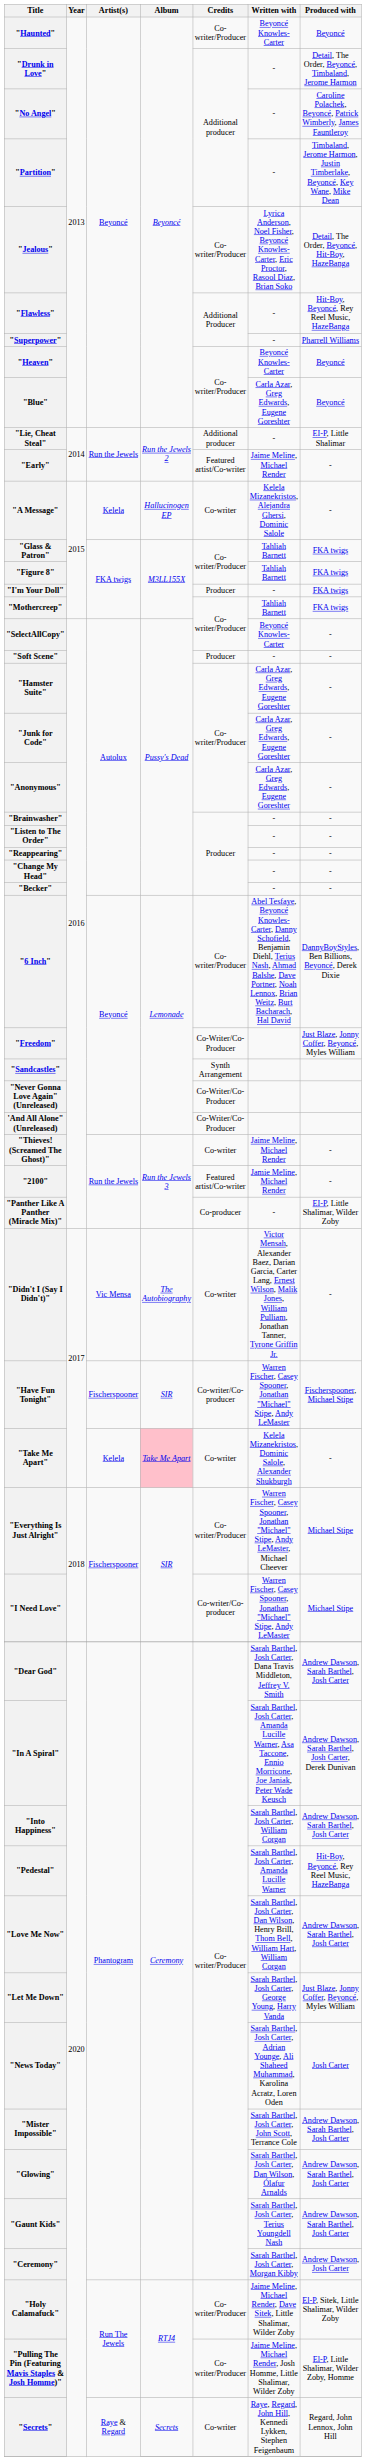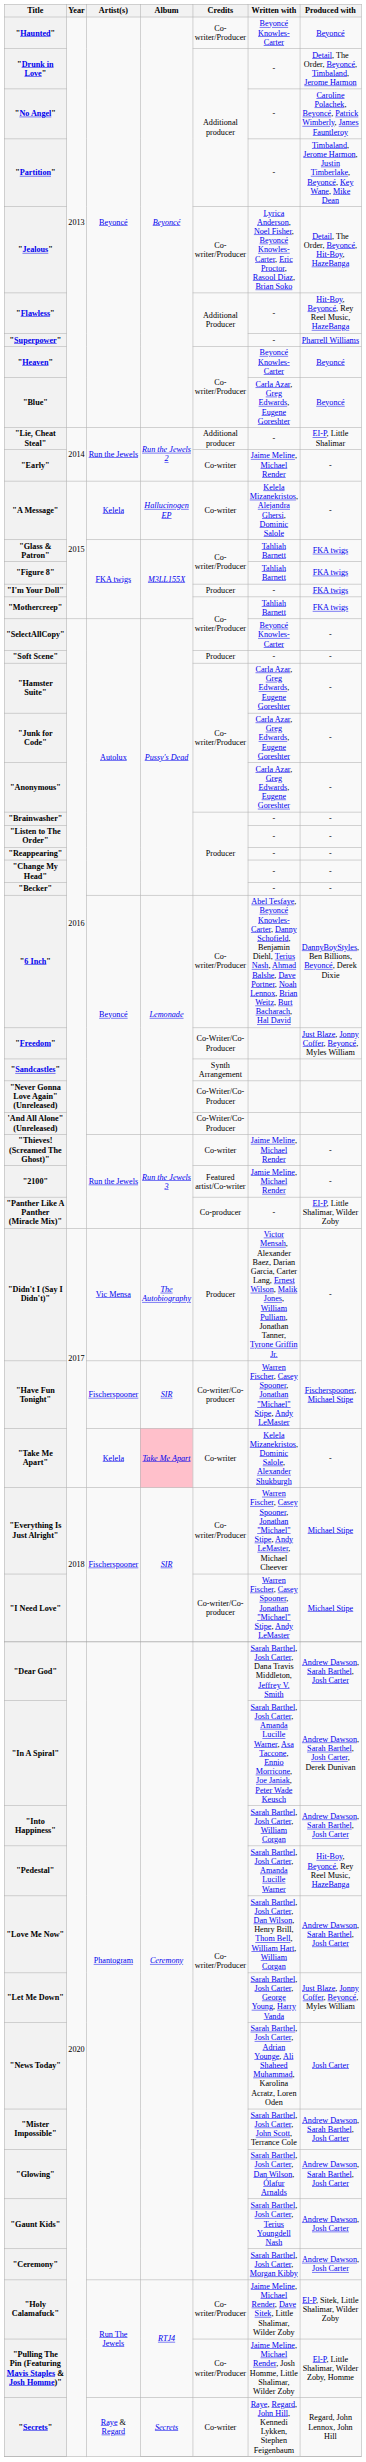 <table class="wikitable sortable plainrowheaders" style="text-align:center;">
 <tr>
 <th scope="col" style="width:160px;">Title</th>
 <th scope="col">Year</th>
 <th scope="col">Artist(s)</th>
 <th scope="col" style="width:180px;">Album</th>
 <th scope="col">Credits</th>
 <th scope="col">Written with</th>
 <th scope="col">Produced with</th>
 </tr>
 <tr>
 <th scope="row">"<a href='#'>Haunted</a>"</th>
 <td rowspan="9">2013</td>
 <td rowspan="9"><a href='#'>Beyoncé</a></td>
 <td rowspan="9"><em><a href='#'>Beyoncé</a></em></td>
 <td>Co-writer/Producer</td>
 <td><a href='#'>Beyoncé Knowles-Carter</a></td>
 <td><a href='#'>Beyoncé</a></td>
 </tr>
 <tr>
 <th scope="row">"<a href='#'>Drunk in Love</a>"<br></th>
 <td rowspan="3">Additional producer</td>
 <td>-</td>
 <td><a href='#'>Detail</a>, The Order, <a href='#'>Beyoncé</a>, <a href='#'>Timbaland</a>, <a href='#'>Jerome Harmon</a></td>
 </tr>
 <tr>
 <th scope="row">"<a href='#'>No Angel</a>"</th>
 <td>-</td>
 <td><a href='#'>Caroline Polachek</a>, <a href='#'>Beyoncé</a>, <a href='#'>Patrick Wimberly</a>, <a href='#'>James Fauntleroy</a></td>
 </tr>
 <tr>
 <th scope="row">"<a href='#'>Partition</a>"</th>
 <td>-</td>
 <td><a href='#'>Timbaland</a>, <a href='#'>Jerome Harmon</a>, <a href='#'>Justin Timberlake</a>, <a href='#'>Beyoncé</a>, <a href='#'>Key Wane</a>, <a href='#'>Mike Dean</a></td>
 </tr>
 <tr>
 <th scope="row">"<a href='#'>Jealous</a>"</th>
 <td>Co-writer/Producer</td>
 <td><a href='#'>Lyrica Anderson</a>, <a href='#'>Noel Fisher</a>, <a href='#'>Beyoncé Knowles-Carter</a>, <a href='#'>Eric Proctor</a>, <a href='#'>Rasool Diaz</a>, <a href='#'>Brian Soko</a></td>
 <td><a href='#'>Detail</a>, The Order, <a href='#'>Beyoncé</a>, <a href='#'>Hit-Boy</a>, <a href='#'>HazeBanga</a></td>
 </tr>
 <tr>
 <th scope="row">"<a href='#'>Flawless</a>"<br></th>
 <td rowspan="2">Additional Producer</td>
 <td>-</td>
 <td><a href='#'>Hit-Boy</a>, <a href='#'>Beyoncé</a>, Rey Reel Music, <a href='#'>HazeBanga</a></td>
 </tr>
 <tr>
 <th scope="row">"<a href='#'>Superpower</a>"<br></th>
 <td>-</td>
 <td><a href='#'>Pharrell Williams</a></td>
 </tr>
 <tr>
 <th scope="row">"<a href='#'>Heaven</a>"</th>
 <td rowspan="2">Co-writer/Producer</td>
 <td><a href='#'>Beyoncé Knowles-Carter</a></td>
 <td><a href='#'>Beyoncé</a></td>
 </tr>
 <tr>
 <th scope="row">"Blue"<br></th>
 <td><a href='#'>Carla Azar</a>, <a href='#'>Greg Edwards</a>, <a href='#'>Eugene Goreshter</a></td>
 <td><a href='#'>Beyoncé</a></td>
 </tr>
 <tr>
 <th scope="row">"Lie, Cheat Steal"</th>
 <td rowspan="2">2014</td>
 <td rowspan="2"><a href='#'>Run the Jewels</a></td>
 <td rowspan="2"><em><a href='#'>Run the Jewels 2</a></em></td>
 <td>Additional producer</td>
 <td>-</td>
 <td><a href='#'>EI-P</a>, Little Shalimar</td>
 </tr>
 <tr>
 <th scope="row">"Early"<br></th>
-<td>Featured artist/Co-writer</td>
+<td>Co-writer</td>
 <td><a href='#'>Jaime Meline</a>, <a href='#'>Michael Render</a></td>
 <td>-</td>
 </tr>
 <tr>
 <th scope="row">"A Message"</th>
 <td rowspan="5">2015</td>
 <td><a href='#'>Kelela</a></td>
 <td><em><a href='#'>Hallucinogen EP</a></em></td>
 <td>Co-writer</td>
 <td><a href='#'>Kelela Mizanekristos</a>, <a href='#'>Alejandra Ghersi</a>, <a href='#'>Dominic Salole</a></td>
 <td>-</td>
 </tr>
 <tr>
 <th scope="row">"Glass & Patron"</th>
 <td rowspan="4"><a href='#'>FKA twigs</a></td>
 <td rowspan="4"><em><a href='#'>M3LL155X</a></em></td>
 <td rowspan="2">Co-writer/Producer</td>
 <td><a href='#'>Tahliah Barnett</a></td>
 <td><a href='#'>FKA twigs</a></td>
 </tr>
 <tr>
 <th scope="row">"Figure 8"</th>
 <td><a href='#'>Tahliah Barnett</a></td>
 <td><a href='#'>FKA twigs</a></td>
 </tr>
 <tr>
 <th scope="row">"I'm Your Doll"</th>
 <td>Producer</td>
 <td>-</td>
 <td><a href='#'>FKA twigs</a></td>
 </tr>
 <tr>
 <th scope="row">"Mothercreep"</th>
 <td rowspan="2">Co-writer/Producer</td>
 <td><a href='#'>Tahliah Barnett</a></td>
 <td><a href='#'>FKA twigs</a></td>
 </tr>
 <tr>
 <th scope="row">"SelectAllCopy"</th>
 <td rowspan="18">2016</td>
 <td rowspan="10"><a href='#'>Autolux</a></td>
 <td rowspan="10"><em><a href='#'>Pussy's Dead</a></em></td>
 <td><a href='#'>Beyoncé Knowles-Carter</a></td>
 <td>-</td>
 </tr>
 <tr>
 <th scope="row">"Soft Scene"</th>
 <td>Producer</td>
 <td>-</td>
 <td>-</td>
 </tr>
 <tr>
 <th scope="row">"Hamster Suite"</th>
 <td rowspan="3">Co-writer/Producer</td>
 <td><a href='#'>Carla Azar</a>, <a href='#'>Greg Edwards</a>, <a href='#'>Eugene Goreshter</a></td>
 <td>-</td>
 </tr>
 <tr>
 <th scope="row">"Junk for Code"</th>
 <td><a href='#'>Carla Azar</a>, <a href='#'>Greg Edwards</a>, <a href='#'>Eugene Goreshter</a></td>
 <td>-</td>
 </tr>
 <tr>
 <th scope="row">"Anonymous"</th>
 <td><a href='#'>Carla Azar</a>, <a href='#'>Greg Edwards</a>, <a href='#'>Eugene Goreshter</a></td>
 <td>-</td>
 </tr>
 <tr>
 <th scope="row">"Brainwasher"</th>
 <td rowspan="5">Producer</td>
 <td>-</td>
 <td>-</td>
 </tr>
 <tr>
 <th scope="row">"Listen to The Order"</th>
 <td>-</td>
 <td>-</td>
 </tr>
 <tr>
 <th scope="row">"Reappearing"</th>
 <td>-</td>
 <td>-</td>
 </tr>
 <tr>
 <th scope="row">"Change My Head"</th>
 <td>-</td>
 <td>-</td>
 </tr>
 <tr>
 <th scope="row">"Becker"</th>
 <td>-</td>
 <td>-</td>
 </tr>
 <tr>
 <th scope="row">"<a href='#'>6 Inch</a>"<br></th>
 <td rowspan="5"><a href='#'>Beyoncé</a></td>
 <td rowspan="5"><em><a href='#'>Lemonade</a></em></td>
 <td>Co-writer/Producer</td>
 <td><a href='#'>Abel Tesfaye</a>, <a href='#'>Beyoncé Knowles-Carter</a>, <a href='#'>Danny Schofield</a>, Benjamin Diehl, <a href='#'>Terius Nash</a>, <a href='#'>Ahmad Balshe</a>, <a href='#'>Dave Portner</a>, <a href='#'>Noah Lennox</a>, <a href='#'>Brian Weitz</a>, <a href='#'>Burt Bacharach</a>, <a href='#'>Hal David</a></td>
 <td><a href='#'>DannyBoyStyles</a>, Ben Billions, <a href='#'>Beyoncé</a>, Derek Dixie</td>
 </tr>
 <tr>
 <th scope="row">"<a href='#'>Freedom</a>"<br></th>
 <td>Co-Writer/Co-Producer</td>
 <td></td>
 <td><a href='#'>Just Blaze</a>, <a href='#'>Jonny Coffer</a>, <a href='#'>Beyoncé</a>, Myles William</td>
 </tr>
 <tr>
 <th scope="row">"<a href='#'>Sandcastles</a>"</th>
 <td>Synth Arrangement</td>
 <td></td>
 <td></td>
 </tr>
 <tr>
 <th scope="row">"Never Gonna Love Again" (Unreleased)</th>
 <td>Co-Writer/Co-Producer</td>
 <td></td>
 <td></td>
 </tr>
 <tr>
 <th scope="row">'And All Alone" (Unreleased)</th>
 <td>Co-Writer/Co-Producer</td>
 <td></td>
 <td></td>
 </tr>
 <tr>
 <th scope="row">"Thieves! (Screamed The Ghost)"<br></th>
 <td rowspan="3"><a href='#'>Run the Jewels</a></td>
 <td rowspan="3"><em><a href='#'>Run the Jewels 3</a></em></td>
 <td>Co-writer</td>
 <td><a href='#'>Jaime Meline</a>, <a href='#'>Michael Render</a></td>
 <td>-</td>
 </tr>
 <tr>
 <th scope="row">"2100"<br></th>
 <td>Featured artist/Co-writer</td>
 <td><a href='#'>Jamie Meline</a>, <a href='#'>Michael Render</a></td>
 <td>-</td>
 </tr>
 <tr>
 <th scope="row">"Panther Like A Panther (Miracle Mix)"<br></th>
 <td>Co-producer</td>
 <td>-</td>
 <td><a href='#'>EI-P</a>, Little Shalimar, Wilder Zoby</td>
 </tr>
 <tr>
 <th scope="row">"Didn't I (Say I Didn't)"</th>
 <td rowspan="3">2017</td>
 <td><a href='#'>Vic Mensa</a></td>
 <td><em><a href='#'>The Autobiography</a></em></td>
-<td>Co-writer</td>
+<td>Producer</td>
 <td><a href='#'>Victor Mensah</a>, Alexander Baez, Darian Garcia, Carter Lang, <a href='#'>Ernest Wilson</a>, <a href='#'>Malik Jones</a>, <a href='#'>William Pulliam</a>, Jonathan Tanner, <a href='#'>Tyrone Griffin Jr.</a></td>
 <td>-</td>
 </tr>
 <tr>
 <th scope="row">"Have Fun Tonight"</th>
 <td><a href='#'>Fischerspooner</a></td>
 <td><em><a href='#'>SIR</a></em></td>
 <td>Co-writer/Co-producer</td>
 <td><a href='#'>Warren Fischer</a>, <a href='#'>Casey Spooner</a>, <a href='#'>Jonathan "Michael" Stipe</a>, <a href='#'>Andy LeMaster</a></td>
 <td><a href='#'>Fischerspooner</a>, <a href='#'>Michael Stipe</a></td>
 </tr>
 <tr>
 <th scope="row">"Take Me Apart"</th>
 <td><a href='#'>Kelela</a></td>
 <td style="background: pink;"><em><a href='#'>Take Me Apart</a></em></td>
 <td>Co-writer</td>
 <td><a href='#'>Kelela Mizanekristos</a>, <a href='#'>Dominic Salole</a>, <a href='#'>Alexander Shukburgh</a></td>
 <td>-</td>
 </tr>
 <tr>
 <th scope="row">"Everything Is Just Alright"</th>
 <td rowspan="2">2018</td>
 <td rowspan="2"><a href='#'>Fischerspooner</a></td>
 <td rowspan="2"><em><a href='#'>SIR</a></em></td>
 <td>Co-writer/Producer</td>
 <td><a href='#'>Warren Fischer</a>, <a href='#'>Casey Spooner</a>, <a href='#'>Jonathan "Michael" Stipe</a>, <a href='#'>Andy LeMaster</a>, Michael Cheever</td>
 <td><a href='#'>Michael Stipe</a></td>
 </tr>
 <tr>
 <th scope="row">"I Need Love"</th>
 <td>Co-writer/Co-producer</td>
 <td><a href='#'>Warren Fischer</a>, <a href='#'>Casey Spooner</a>, <a href='#'>Jonathan "Michael" Stipe</a>, <a href='#'>Andy LeMaster</a></td>
 <td><a href='#'>Michael Stipe</a></td>
 </tr>
 <tr>
 </tr>
 <tr>
 <th scope="row">"Dear God"</th>
 <td rowspan="16">2020</td>
 <td rowspan="11"><a href='#'>Phantogram</a></td>
 <td rowspan="11"><em><a href='#'>Ceremony</a></em></td>
 <td rowspan="11">Co-writer/Producer</td>
 <td><a href='#'>Sarah Barthel</a>, <a href='#'>Josh Carter</a>, Dana Travis Middleton, <a href='#'>Jeffrey V. Smith</a></td>
 <td><a href='#'>Andrew Dawson</a>, <a href='#'>Sarah Barthel</a>, <a href='#'>Josh Carter</a></td>
 </tr>
 <tr>
 <th scope="row">"In A Spiral"</th>
 <td><a href='#'>Sarah Barthel</a>, <a href='#'>Josh Carter</a>, <a href='#'>Amanda Lucille Warner</a>, <a href='#'>Asa Taccone</a>, <a href='#'>Ennio Morricone</a>, <a href='#'>Joe Janiak</a>, <a href='#'>Peter Wade Keusch</a></td>
 <td><a href='#'>Andrew Dawson</a>, <a href='#'>Sarah Barthel</a>, <a href='#'>Josh Carter</a>, Derek Dunivan</td>
 </tr>
 <tr>
 <th scope="row">"Into Happiness"</th>
 <td><a href='#'>Sarah Barthel</a>, <a href='#'>Josh Carter</a>, <a href='#'>William Corgan</a></td>
 <td><a href='#'>Andrew Dawson</a>, <a href='#'>Sarah Barthel</a>, <a href='#'>Josh Carter</a></td>
 </tr>
 <tr>
 <th scope="row">"Pedestal"</th>
 <td><a href='#'>Sarah Barthel</a>, <a href='#'>Josh Carter</a>, <a href='#'>Amanda Lucille Warner</a></td>
 <td><a href='#'>Hit-Boy</a>, <a href='#'>Beyoncé</a>, Rey Reel Music, <a href='#'>HazeBanga</a></td>
 </tr>
 <tr>
 <th scope="row">"Love Me Now"</th>
 <td><a href='#'>Sarah Barthel</a>, <a href='#'>Josh Carter</a>, <a href='#'>Dan Wilson</a>, Henry Brill, <a href='#'>Thom Bell</a>, <a href='#'>William Hart</a>, <a href='#'>William Corgan</a></td>
 <td><a href='#'>Andrew Dawson</a>, <a href='#'>Sarah Barthel</a>, <a href='#'>Josh Carter</a></td>
 </tr>
 <tr>
 <th scope="row">"Let Me Down"</th>
 <td><a href='#'>Sarah Barthel</a>, <a href='#'>Josh Carter</a>, <a href='#'>George Young</a>, <a href='#'>Harry Vanda</a></td>
 <td><a href='#'>Just Blaze</a>, <a href='#'>Jonny Coffer</a>, <a href='#'>Beyoncé</a>, Myles William</td>
 </tr>
 <tr>
 <th scope="row">"News Today"</th>
 <td><a href='#'>Sarah Barthel</a>, <a href='#'>Josh Carter</a>, <a href='#'>Adrian Younge</a>, <a href='#'>Ali Shaheed Muhammad</a>, Karolina Acratz, Loren Oden</td>
 <td><a href='#'>Josh Carter</a></td>
 </tr>
 <tr>
 <th scope="row">"Mister Impossible"</th>
 <td><a href='#'>Sarah Barthel</a>, <a href='#'>Josh Carter</a>, <a href='#'>John Scott</a>, Terrance Cole</td>
 <td><a href='#'>Andrew Dawson</a>, <a href='#'>Sarah Barthel</a>, <a href='#'>Josh Carter</a></td>
 </tr>
 <tr>
 <th scope="row">"Glowing"</th>
 <td><a href='#'>Sarah Barthel</a>, <a href='#'>Josh Carter</a>, <a href='#'>Dan Wilson</a>, <a href='#'>Ólafur Arnalds</a></td>
 <td><a href='#'>Andrew Dawson</a>, <a href='#'>Sarah Barthel</a>, <a href='#'>Josh Carter</a></td>
 </tr>
 <tr>
 <th scope="row">"Gaunt Kids"</th>
 <td><a href='#'>Sarah Barthel</a>, <a href='#'>Josh Carter</a>, <a href='#'>Terius Youngdell Nash</a></td>
-<td><a href='#'>Andrew Dawson</a>, <a href='#'>Sarah Barthel</a>, <a href='#'>Josh Carter</a></td>
+<td><a href='#'>Andrew Dawson</a>, <a href='#'>Josh Carter</a></td>
 </tr>
 <tr>
 <th scope="row">"Ceremony"</th>
 <td><a href='#'>Sarah Barthel</a>, <a href='#'>Josh Carter</a>, <a href='#'>Morgan Kibby</a></td>
 <td><a href='#'>Andrew Dawson</a>, <a href='#'>Josh Carter</a></td>
 </tr>
 <tr>
 <th scope="row">"Holy Calamafuck"</th>
 <td rowspan="2"><a href='#'>Run The Jewels</a></td>
 <td rowspan="2"><em><a href='#'>RTJ4</a></em></td>
 <td>Co-writer/Producer</td>
 <td><a href='#'>Jaime Meline</a>, <a href='#'>Michael Render</a>, <a href='#'>Dave Sitek</a>, Little Shalimar, Wilder Zoby</td>
 <td><a href='#'>El-P</a>, Sitek, Little Shalimar, Wilder Zoby</td>
 </tr>
 <tr>
 <th scope="row">"Pulling The Pin (Featuring <a href='#'>Mavis Staples</a> & <a href='#'>Josh Homme</a>)"</th>
 <td>Co-writer/Producer</td>
 <td><a href='#'>Jaime Meline</a>, <a href='#'>Michael Render</a>, Josh Homme, Little Shalimar, Wilder Zoby</td>
 <td><a href='#'>El-P</a>, Little Shalimar, Wilder Zoby, Homme</td>
 </tr>
 <tr>
 <th scope="row">"<a href='#'>Secrets</a>"</th>
 <td rowspan="3"><a href='#'>Raye</a> & <a href='#'>Regard</a></td>
 <td><em><a href='#'>Secrets</a></em></td>
 <td>Co-writer</td>
 <td><a href='#'>Raye</a>, <a href='#'>Regard</a>, <a href='#'>John Hill</a>, Kennedi Lykken, Stephen Feigenbaum</td>
 <td>Regard, John Lennox, John Hill</td>
 </tr>
 <tr>
 </tr>
 </table>
